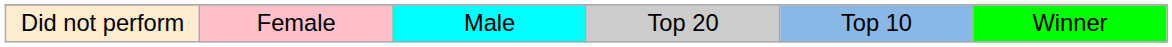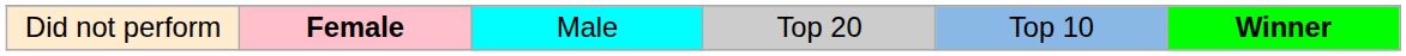 <table class="wikitable" style="margin:1em auto; text-align:center;">
 <tr>
 </tr>
 <tr>
 <td style="background:#ffebcd; width:15%;">Did not perform</td>
-<td style="background:pink; width:15%;">Female</td>
+<td style="background:pink; width:15%;"><strong>Female</strong></td>
 <td style="background:cyan; width:15%;">Male</td>
 <td style="background:#ccc; width:15%;">Top 20</td>
 <td style="background:#8ab8e6; width:15%;">Top 10</td>
-<td style="background:lime; width:15%;">Winner</td>
+<td style="background:lime; width:15%;"><strong>Winner</strong></td>
 </tr>
 </table>
